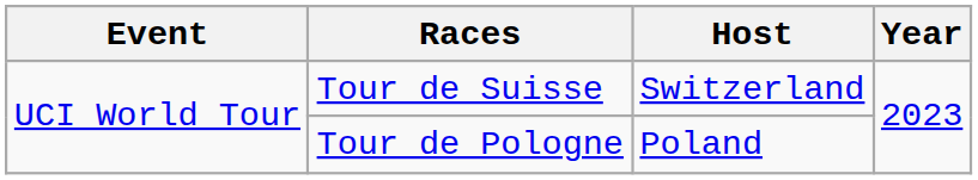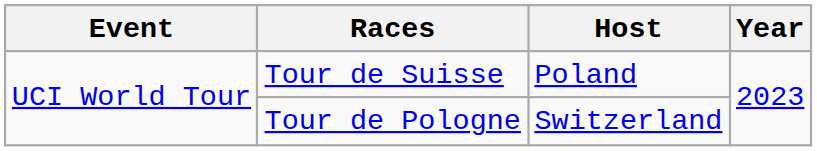 <table class="wikitable">
 <tr>
 <th>Event</th>
 <th>Races</th>
 <th>Host</th>
 <th>Year</th>
 </tr>
 <tr>
 <td rowspan="2"><a href='#'>UCI World Tour</a></td>
 <td><a href='#'>Tour de Suisse</a></td>
-<td><a href='#'>Switzerland</a></td>
+<td><a href='#'>Poland</a></td>
 <td rowspan="2"><a href='#'>2023</a></td>
 </tr>
 <tr>
 <td><a href='#'>Tour de Pologne</a></td>
-<td><a href='#'>Poland</a></td>
+<td><a href='#'>Switzerland</a></td>
 </tr>
 </table>
